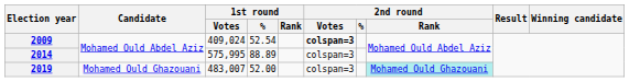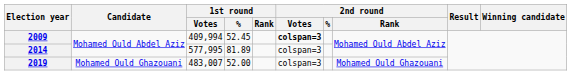 <table class="wikitable" style="text-align:center;">
 <tr>
 <th rowspan=2>Election year</th>
 <th rowspan=2>Candidate</th>
 <th colspan=3>1st round</th>
 <th colspan=3>2nd round</th>
 <th rowspan=2>Result</th>
 <th rowspan=2>Winning candidate</th>
 </tr>
 <tr>
 <th>Votes</th>
 <th>%</th>
 <th>Rank</th>
 <th>Votes</th>
 <th>%</th>
 <th>Rank</th>
 </tr>
 <tr>
 <th><a href='#'>2009</a></th>
 <td rowspan=2><a href='#'>Mohamed Ould Abdel Aziz</a></td>
-<td>409,024</td>
-<td>52.54</td>
+<td>409,994</td>
+<td>52.45</td>
 <td></td>
 <td><strong>colspan=3 </strong></td>
 <td></td>
 <td rowspan=2><a href='#'>Mohamed Ould Abdel Aziz</a></td>
 </tr>
 <tr>
 <th><a href='#'>2014</a></th>
-<td>575,995</td>
-<td>88.89</td>
+<td>577,995</td>
+<td>81.89</td>
 <td></td>
 <td>colspan=3 </td>
 <td></td>
 </tr>
 <tr>
 <th><a href='#'>2019</a></th>
 <td><a href='#'>Mohamed Ould Ghazouani</a></td>
 <td>483,007</td>
 <td>52.00</td>
 <td></td>
 <td>colspan=3 </td>
 <td></td>
-<td style="background: paleturquoise;"><a href='#'>Mohamed Ould Ghazouani</a></td>
+<td><a href='#'>Mohamed Ould Ghazouani</a></td>
 </tr>
 </table>
